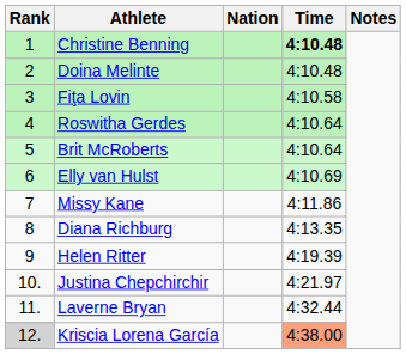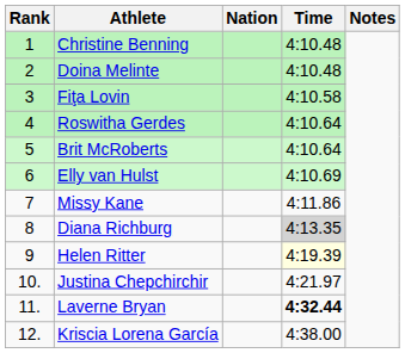 <table class="wikitable sortable" style="text-align:center">
 <tr>
 <th>Rank</th>
 <th>Athlete</th>
 <th>Nation</th>
 <th>Time</th>
 <th>Notes</th>
 </tr>
 <tr style="background:#bbf3bb;">
 <td>1</td>
 <td align=left><a href='#'>Christine Benning</a></td>
 <td align=left></td>
-<td><strong>4:10.48</strong></td>
+<td>4:10.48</td>
 </tr>
 <tr style="background:#bbf3bb;">
 <td>2</td>
 <td align=left><a href='#'>Doina Melinte</a></td>
 <td align=left></td>
 <td>4:10.48</td>
 </tr>
 <tr style="background:#bbf3bb;">
 <td>3</td>
 <td align=left><a href='#'>Fiţa Lovin</a></td>
 <td align=left></td>
 <td>4:10.58</td>
 </tr>
 <tr style="background:#bbf3bb;">
 <td>4</td>
 <td align=left><a href='#'>Roswitha Gerdes</a></td>
 <td align=left></td>
 <td>4:10.64</td>
 </tr>
 <tr style="background:#ccf9cc;">
 <td>5</td>
 <td align=left><a href='#'>Brit McRoberts</a></td>
 <td align=left></td>
 <td>4:10.64</td>
 </tr>
 <tr style="background:#ccf9cc;">
 <td>6</td>
 <td align=left><a href='#'>Elly van Hulst</a></td>
 <td align=left></td>
 <td>4:10.69</td>
 </tr>
 <tr>
 <td>7</td>
 <td align=left><a href='#'>Missy Kane</a></td>
 <td align=left></td>
 <td>4:11.86</td>
 </tr>
 <tr>
 <td>8</td>
 <td align=left><a href='#'>Diana Richburg</a></td>
 <td align=left></td>
-<td>4:13.35</td>
+<td style="background: lightgrey;">4:13.35</td>
 </tr>
 <tr>
 <td>9</td>
 <td align=left><a href='#'>Helen Ritter</a></td>
 <td align=left></td>
-<td>4:19.39</td>
+<td style="background: lightyellow;">4:19.39</td>
 </tr>
 <tr>
 <td>10.</td>
 <td align=left><a href='#'>Justina Chepchirchir</a></td>
 <td align=left></td>
 <td>4:21.97</td>
 </tr>
 <tr>
 <td>11.</td>
 <td align=left><a href='#'>Laverne Bryan</a></td>
 <td align=left></td>
-<td>4:32.44</td>
+<td><strong>4:32.44</strong></td>
 </tr>
 <tr>
-<td style="background: lightgrey;">12.</td>
+<td>12.</td>
 <td align=left><a href='#'>Kriscia Lorena García</a></td>
 <td align=left></td>
-<td style="background: lightsalmon;">4:38.00</td>
+<td>4:38.00</td>
 </tr>
 </table>
